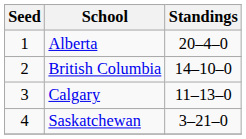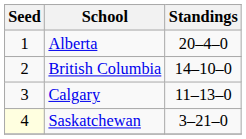 <table class="wikitable">
 <tr>
 <th>Seed</th>
 <th>School</th>
 <th>Standings</th>
 </tr>
 <tr>
 <td align=center>1</td>
 <td><a href='#'>Alberta</a></td>
 <td align=center>20–4–0</td>
 </tr>
 <tr>
 <td align=center>2</td>
 <td><a href='#'>British Columbia</a></td>
 <td align=center>14–10–0</td>
 </tr>
 <tr>
 <td align=center>3</td>
 <td><a href='#'>Calgary</a></td>
 <td align=center>11–13–0</td>
 </tr>
 <tr>
-<td align=center>4</td>
+<td align=center style="background: lightyellow;">4</td>
 <td><a href='#'>Saskatchewan</a></td>
 <td align=center>3–21–0</td>
 </tr>
 <tr>
 </tr>
 </table>
